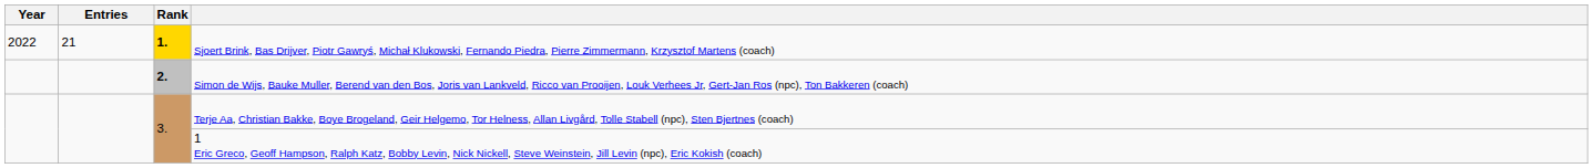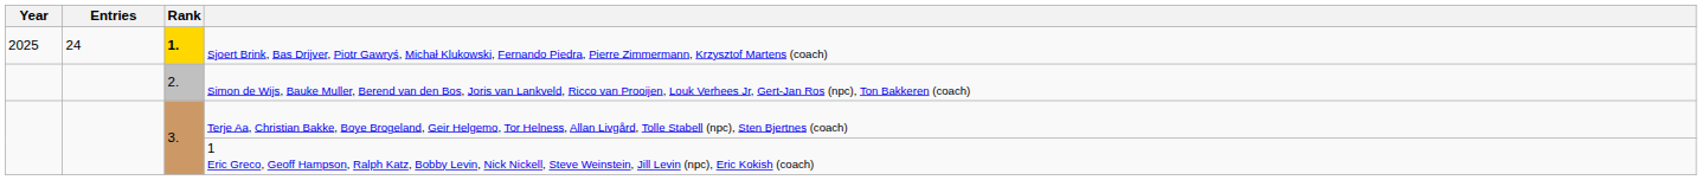 <table class="wikitable" style="width:100%;">
 <tr>
 <th>Year</th>
 <th>Entries</th>
 <th>Rank</th>
 <th></th>
 </tr>
 <tr>
-<td width=60>2022  </td>
-<td>21</td>
+<td width=60>2025  </td>
+<td>24</td>
 <td style="background:gold; width:30px;"><strong>1.</strong></td>
 <td> <br><small><a href='#'>Sjoert Brink</a>, <a href='#'>Bas Drijver</a>, <a href='#'>Piotr Gawryś</a>, <a href='#'>Michał Klukowski</a>, <a href='#'>Fernando Piedra</a>, <a href='#'>Pierre Zimmermann</a>, <a href='#'>Krzysztof Martens</a> (coach)</small></td>
 </tr>
 <tr>
 <td></td>
 <td></td>
-<td style="background:silver;"><strong>2.</strong></td>
+<td style="background:silver;">2.</td>
 <td> <br><small><a href='#'>Simon de Wijs</a>, <a href='#'>Bauke Muller</a>, <a href='#'>Berend van den Bos</a>, <a href='#'>Joris van Lankveld</a>, <a href='#'>Ricco van Prooijen</a>, <a href='#'>Louk Verhees Jr</a>, <a href='#'>Gert-Jan Ros</a> (npc), <a href='#'>Ton Bakkeren</a> (coach)</small></td>
 </tr>
 <tr>
 <td rowspan=2></td>
 <td rowspan=2></td>
 <td rowspan=2 style="background:#c96;">3.</td>
 <td> <br><small><a href='#'>Terje Aa</a>, <a href='#'>Christian Bakke</a>, <a href='#'>Boye Brogeland</a>, <a href='#'>Geir Helgemo</a>, <a href='#'>Tor Helness</a>, <a href='#'>Allan Livgård</a>, <a href='#'>Tolle Stabell</a> (npc), <a href='#'>Sten Bjertnes</a> (coach)</small></td>
 </tr>
 <tr>
 <td> 1 <br><small><a href='#'>Eric Greco</a>, <a href='#'>Geoff Hampson</a>, <a href='#'>Ralph Katz</a>, <a href='#'>Bobby Levin</a>, <a href='#'>Nick Nickell</a>, <a href='#'>Steve Weinstein</a>, <a href='#'>Jill Levin</a> (npc), <a href='#'>Eric Kokish</a> (coach)</small></td>
 </tr>
 </table>
